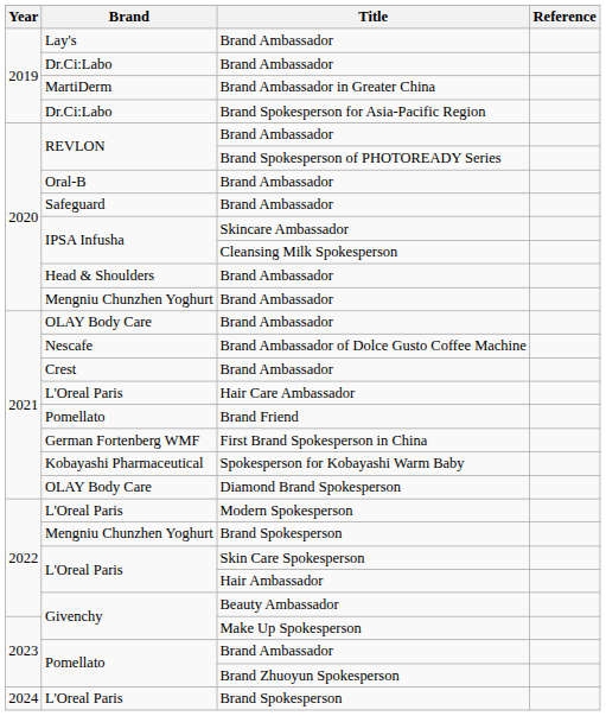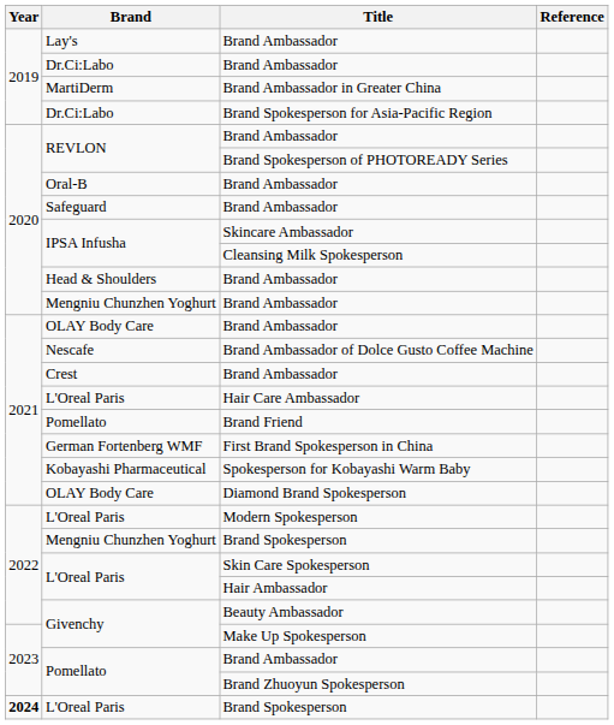 <table class="wikitable">
 <tr>
 <th>Year</th>
 <th>Brand</th>
 <th>Title</th>
 <th>Reference</th>
 </tr>
 <tr>
 <td rowspan="4">2019</td>
 <td>Lay's</td>
 <td>Brand Ambassador</td>
 <td></td>
 </tr>
 <tr>
 <td>Dr.Ci:Labo</td>
 <td>Brand Ambassador</td>
 <td></td>
 </tr>
 <tr>
 <td>MartiDerm</td>
 <td>Brand Ambassador in Greater China</td>
 <td></td>
 </tr>
 <tr>
 <td>Dr.Ci:Labo</td>
 <td>Brand Spokesperson for Asia-Pacific Region</td>
 <td></td>
 </tr>
 <tr>
 <td rowspan="8">2020</td>
 <td rowspan="2">REVLON</td>
 <td>Brand Ambassador</td>
 <td></td>
 </tr>
 <tr>
 <td>Brand Spokesperson of PHOTOREADY Series</td>
 <td></td>
 </tr>
 <tr>
 <td>Oral-B</td>
 <td>Brand Ambassador</td>
 <td></td>
 </tr>
 <tr>
 <td>Safeguard</td>
 <td>Brand Ambassador</td>
 <td></td>
 </tr>
 <tr>
 <td rowspan="2">IPSA Infusha</td>
 <td>Skincare Ambassador</td>
 <td></td>
 </tr>
 <tr>
 <td>Cleansing Milk Spokesperson</td>
 <td></td>
 </tr>
 <tr>
 <td>Head & Shoulders</td>
 <td>Brand Ambassador</td>
 <td></td>
 </tr>
 <tr>
 <td>Mengniu Chunzhen Yoghurt</td>
 <td>Brand Ambassador</td>
 <td></td>
 </tr>
 <tr>
 <td rowspan="8">2021</td>
 <td>OLAY Body Care</td>
 <td>Brand Ambassador</td>
 <td></td>
 </tr>
 <tr>
 <td>Nescafe</td>
 <td>Brand Ambassador of Dolce Gusto Coffee Machine</td>
 <td></td>
 </tr>
 <tr>
 <td>Crest</td>
 <td>Brand Ambassador</td>
 <td></td>
 </tr>
 <tr>
 <td>L'Oreal Paris</td>
 <td>Hair Care Ambassador</td>
 <td></td>
 </tr>
 <tr>
 <td>Pomellato</td>
 <td>Brand Friend</td>
 <td></td>
 </tr>
 <tr>
 <td>German Fortenberg WMF</td>
 <td>First Brand Spokesperson in China</td>
 <td></td>
 </tr>
 <tr>
 <td>Kobayashi Pharmaceutical</td>
 <td>Spokesperson for Kobayashi Warm Baby</td>
 <td></td>
 </tr>
 <tr>
 <td>OLAY Body Care</td>
 <td>Diamond Brand Spokesperson</td>
 <td></td>
 </tr>
 <tr>
 <td rowspan="5">2022</td>
 <td>L'Oreal Paris</td>
 <td>Modern Spokesperson</td>
 <td></td>
 </tr>
 <tr>
 <td>Mengniu Chunzhen Yoghurt</td>
 <td>Brand Spokesperson</td>
 <td></td>
 </tr>
 <tr>
 <td rowspan="2">L'Oreal Paris</td>
 <td>Skin Care Spokesperson</td>
 <td></td>
 </tr>
 <tr>
 <td>Hair Ambassador</td>
 <td></td>
 </tr>
 <tr>
 <td rowspan="2">Givenchy</td>
 <td>Beauty Ambassador</td>
 <td></td>
 </tr>
 <tr>
 <td rowspan="3">2023</td>
 <td>Make Up Spokesperson</td>
 <td></td>
 </tr>
 <tr>
 <td rowspan="2">Pomellato</td>
 <td>Brand Ambassador</td>
 <td></td>
 </tr>
 <tr>
 <td>Brand Zhuoyun Spokesperson</td>
 <td></td>
 </tr>
 <tr>
-<td>2024</td>
+<td><strong>2024</strong></td>
 <td>L'Oreal Paris</td>
 <td>Brand Spokesperson</td>
 <td></td>
 </tr>
 </table>
